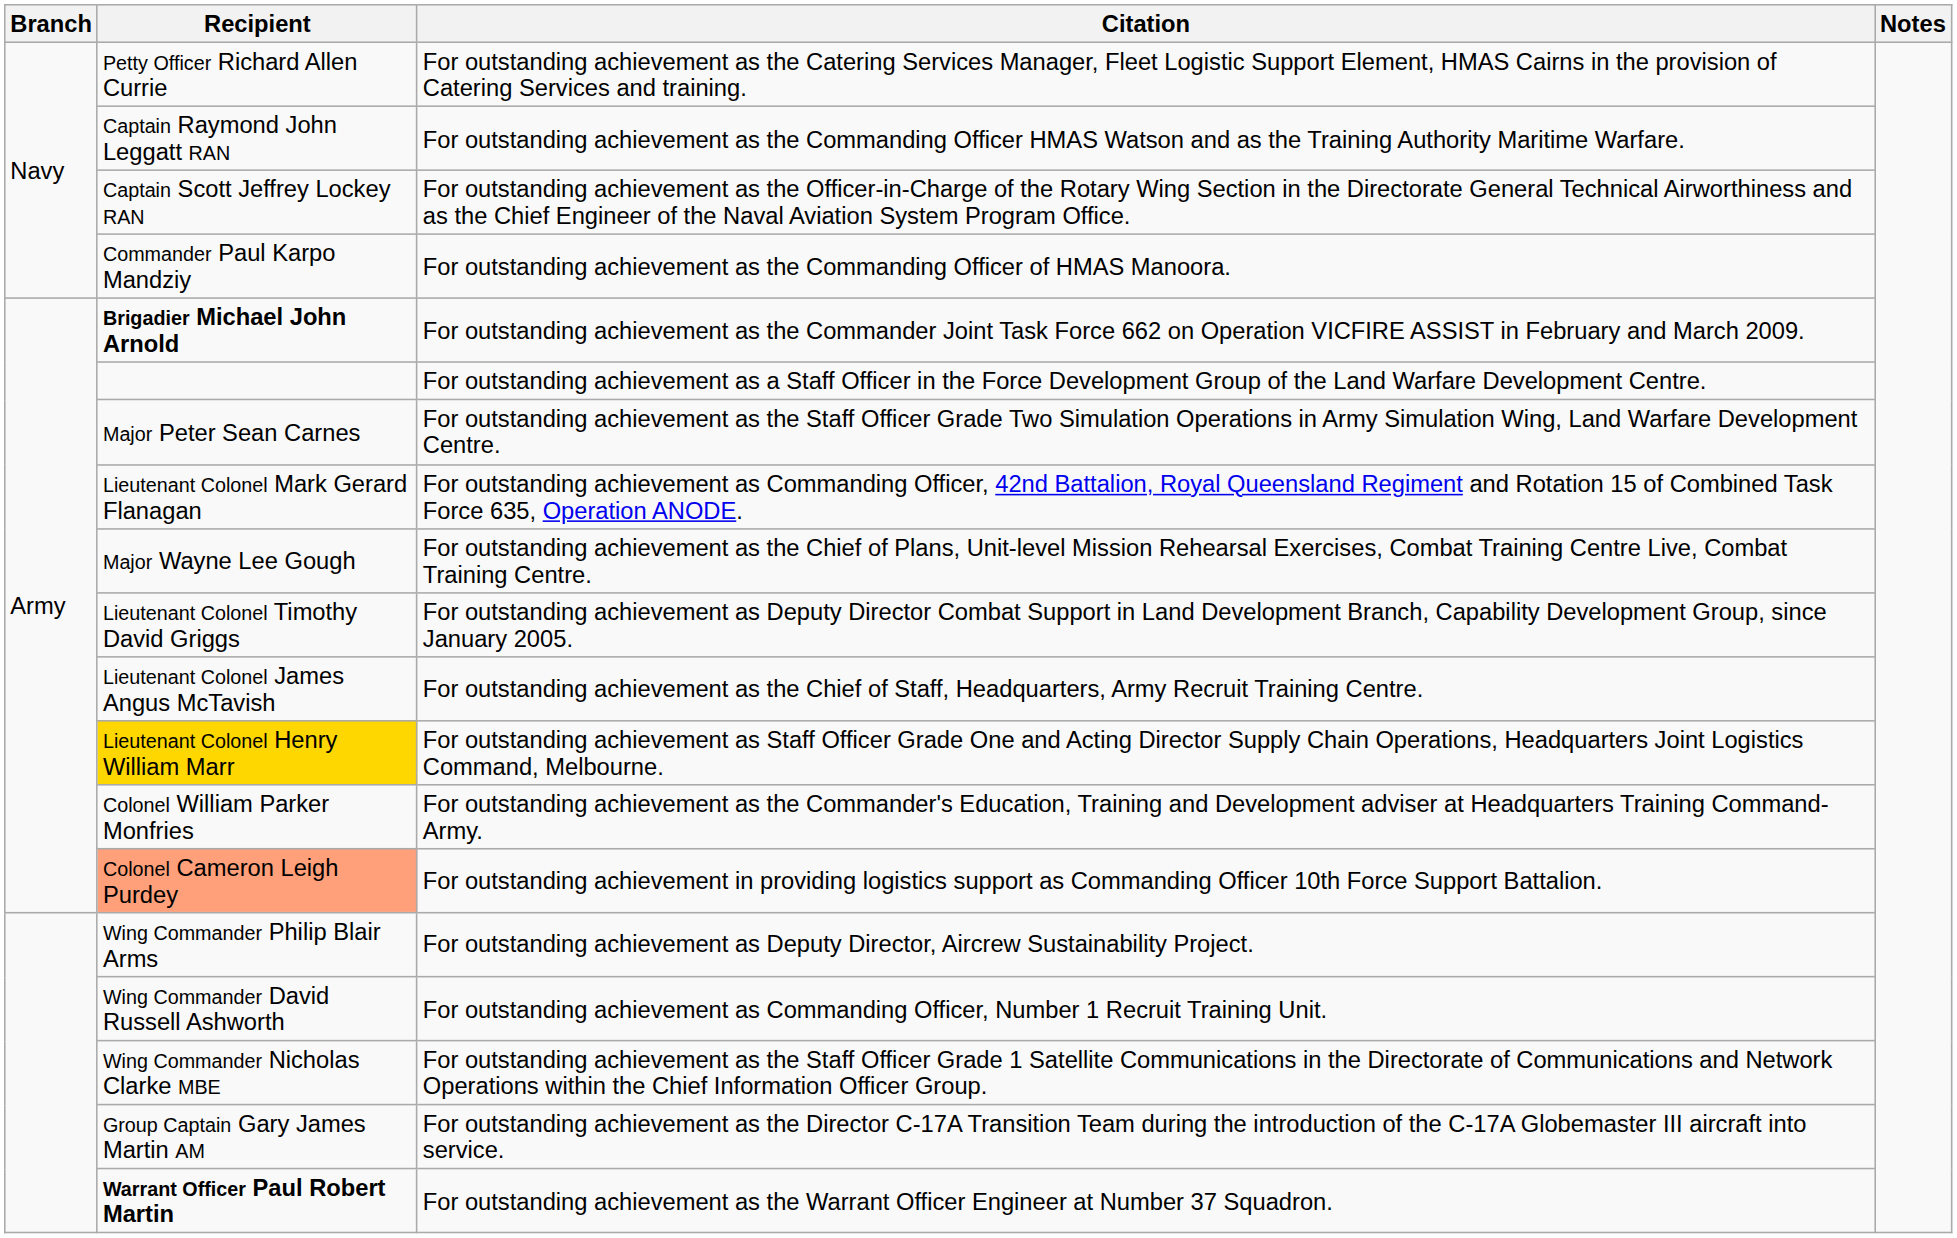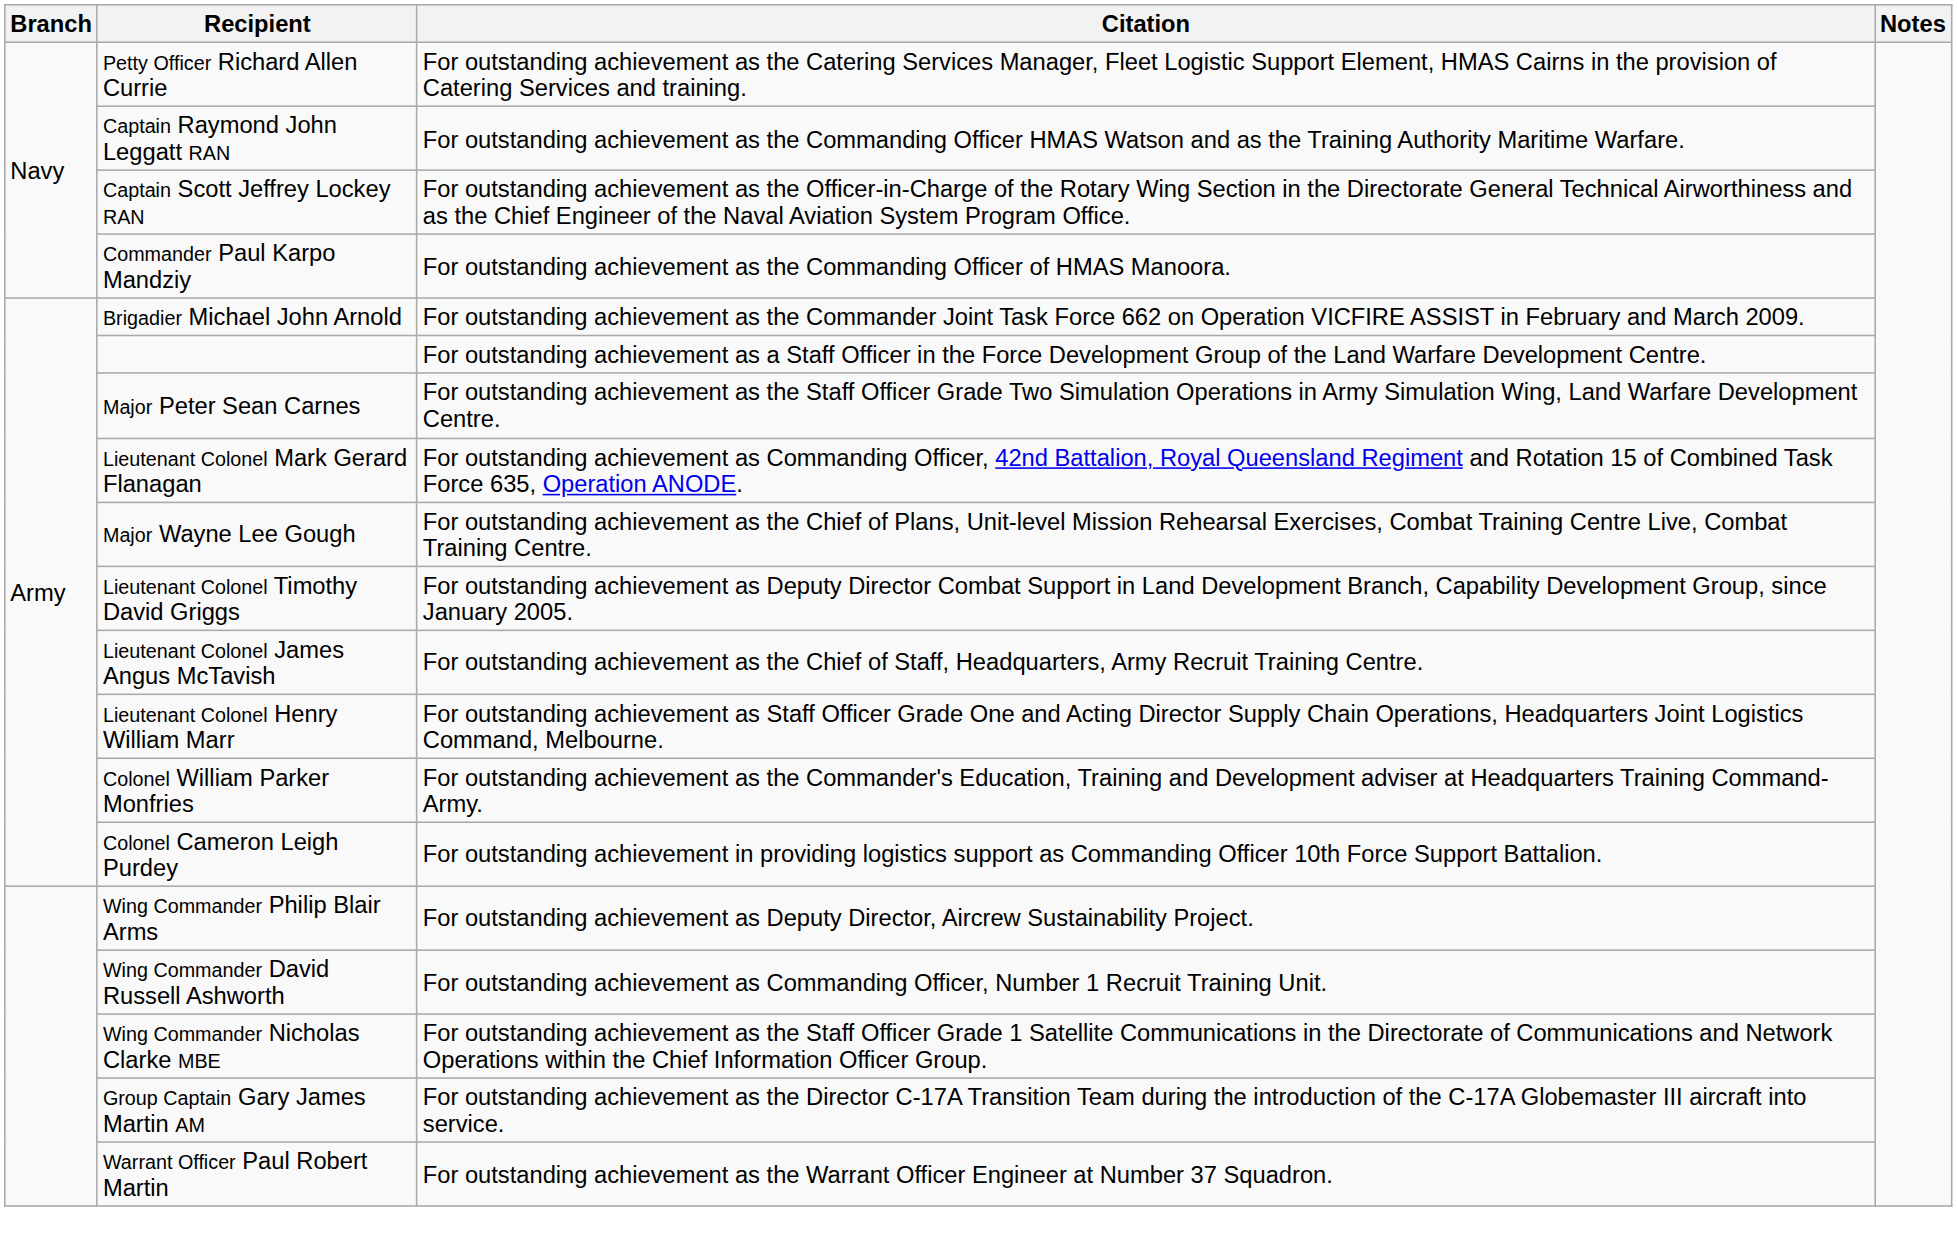 <table class="wikitable" style="font-size:95%;">
 <tr>
 <th>Branch</th>
 <th>Recipient</th>
 <th>Citation</th>
 <th>Notes</th>
 </tr>
 <tr>
 <td rowspan=4>Navy</td>
 <td><small>Petty Officer</small> Richard Allen Currie</td>
 <td>For outstanding achievement as the Catering Services Manager, Fleet Logistic Support Element, HMAS Cairns in the provision of Catering Services and training.</td>
 <td rowspan=19></td>
 </tr>
 <tr>
 <td><small>Captain</small> Raymond John Leggatt <small>RAN</small></td>
 <td>For outstanding achievement as the Commanding Officer HMAS Watson and as the Training Authority Maritime Warfare.</td>
 </tr>
 <tr>
 <td><small>Captain</small> Scott Jeffrey Lockey <small>RAN</small></td>
 <td>For outstanding achievement as the Officer-in-Charge of the Rotary Wing Section in the Directorate General Technical Airworthiness and as the Chief Engineer of the Naval Aviation System Program Office.</td>
 </tr>
 <tr>
 <td><small>Commander</small> Paul Karpo Mandziy</td>
 <td>For outstanding achievement as the Commanding Officer of HMAS Manoora.</td>
 </tr>
 <tr>
 <td rowspan=10>Army</td>
-<td><strong><small>Brigadier</small> Michael John Arnold</strong></td>
+<td><small>Brigadier</small> Michael John Arnold</td>
 <td>For outstanding achievement as the Commander Joint Task Force 662 on Operation VICFIRE ASSIST in February and March 2009.</td>
 </tr>
 <tr>
 <td></td>
 <td>For outstanding achievement as a Staff Officer in the Force Development Group of the Land Warfare Development Centre.</td>
 </tr>
 <tr>
 <td><small>Major</small> Peter Sean Carnes</td>
 <td>For outstanding achievement as the Staff Officer Grade Two Simulation Operations in Army Simulation Wing, Land Warfare Development Centre.</td>
 </tr>
 <tr>
 <td><small>Lieutenant Colonel</small> Mark Gerard Flanagan</td>
 <td>For outstanding achievement as Commanding Officer, <a href='#'>42nd Battalion, Royal Queensland Regiment</a> and Rotation 15 of Combined Task Force 635, <a href='#'>Operation ANODE</a>.</td>
 </tr>
 <tr>
 <td><small>Major</small> Wayne Lee Gough</td>
 <td>For outstanding achievement as the Chief of Plans, Unit-level Mission Rehearsal Exercises, Combat Training Centre Live, Combat Training Centre.</td>
 </tr>
 <tr>
 <td><small>Lieutenant Colonel</small> Timothy David Griggs</td>
 <td>For outstanding achievement as Deputy Director Combat Support in Land Development Branch, Capability Development Group, since January 2005.</td>
 </tr>
 <tr>
 <td><small>Lieutenant Colonel</small> James Angus McTavish</td>
 <td>For outstanding achievement as the Chief of Staff, Headquarters, Army Recruit Training Centre.</td>
 </tr>
 <tr>
-<td style="background: gold;"><small>Lieutenant Colonel</small> Henry William Marr</td>
+<td><small>Lieutenant Colonel</small> Henry William Marr</td>
 <td>For outstanding achievement as Staff Officer Grade One and Acting Director Supply Chain Operations, Headquarters Joint Logistics Command, Melbourne.</td>
 </tr>
 <tr>
 <td><small>Colonel</small> William Parker Monfries</td>
 <td>For outstanding achievement as the Commander's Education, Training and Development adviser at Headquarters Training Command-Army.</td>
 </tr>
 <tr>
-<td style="background: lightsalmon;"><small>Colonel</small> Cameron Leigh Purdey</td>
+<td><small>Colonel</small> Cameron Leigh Purdey</td>
 <td>For outstanding achievement in providing logistics support as Commanding Officer 10th Force Support Battalion.</td>
 </tr>
 <tr>
 <td rowspan=5></td>
 <td><small>Wing Commander</small> Philip Blair Arms</td>
 <td>For outstanding achievement as Deputy Director, Aircrew Sustainability Project.</td>
 </tr>
 <tr>
 <td><small>Wing Commander</small> David Russell Ashworth</td>
 <td>For outstanding achievement as Commanding Officer, Number 1 Recruit Training Unit.</td>
 </tr>
 <tr>
 <td><small>Wing Commander</small> Nicholas Clarke <small>MBE</small></td>
 <td>For outstanding achievement as the Staff Officer Grade 1 Satellite Communications in the Directorate of Communications and Network Operations within the Chief Information Officer Group.</td>
 </tr>
 <tr>
 <td><small>Group Captain</small> Gary James Martin <small>AM</small></td>
 <td>For outstanding achievement as the Director C-17A Transition Team during the introduction of the C-17A Globemaster III aircraft into service.</td>
 </tr>
 <tr>
-<td><strong><small>Warrant Officer</small> Paul Robert Martin</strong></td>
+<td><small>Warrant Officer</small> Paul Robert Martin</td>
 <td>For outstanding achievement as the Warrant Officer Engineer at Number 37 Squadron.</td>
 </tr>
 </table>
